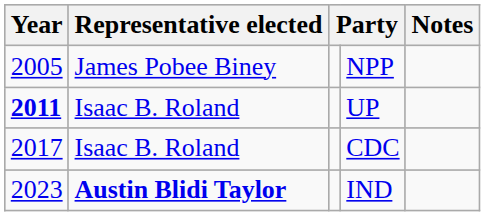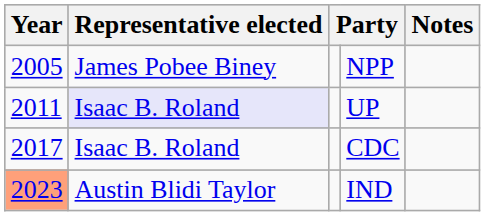 <table class="wikitable">
 <tr>
 <th>Year</th>
 <th>Representative elected</th>
 <th colspan=2>Party</th>
 <th>Notes</th>
 </tr>
 <tr>
 <td><a href='#'>2005</a></td>
 <td><a href='#'>James Pobee Biney</a></td>
 <td></td>
 <td><a href='#'>NPP</a></td>
 <td></td>
 </tr>
 <tr>
-<td><strong><a href='#'>2011</a></strong></td>
-<td><a href='#'>Isaac B. Roland</a></td>
+<td><a href='#'>2011</a></td>
+<td style="background: lavender;"><a href='#'>Isaac B. Roland</a></td>
 <td></td>
 <td><a href='#'>UP</a></td>
 <td></td>
 </tr>
 <tr>
 <td><a href='#'>2017</a></td>
 <td><a href='#'>Isaac B. Roland</a></td>
 <td></td>
 <td><a href='#'>CDC</a></td>
 <td></td>
 </tr>
 <tr>
-<td><a href='#'>2023</a></td>
-<td><strong><a href='#'>Austin Blidi Taylor</a></strong></td>
+<td style="background: lightsalmon;"><a href='#'>2023</a></td>
+<td><a href='#'>Austin Blidi Taylor</a></td>
 <td></td>
 <td><a href='#'>IND</a></td>
 <td></td>
 </tr>
 </table>
